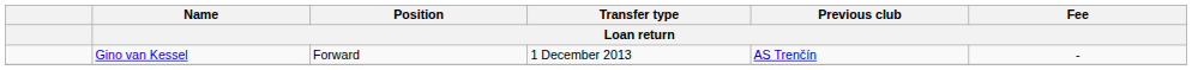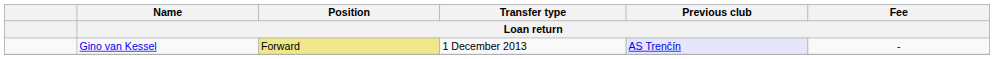 <table class="wikitable" style="width:100%; font-size:85%;">
 <tr>
 <th width="2%"></th>
 <th width="5%">Name</th>
 <th width="5%">Position</th>
 <th width="5%">Transfer type</th>
 <th width="5%">Previous club</th>
 <th width="5%">Fee</th>
 </tr>
 <tr>
 <th></th>
 <th colspan="5" align="center">Loan return</th>
 </tr>
 <tr>
 <td align=center></td>
 <td align=left> <a href='#'>Gino van Kessel</a></td>
-<td align=left>Forward</td>
+<td align=left style="background: khaki;">Forward</td>
 <td align=left>1 December 2013</td>
-<td align=left> <a href='#'>AS Trenčín</a></td>
+<td align=left style="background: lavender;"> <a href='#'>AS Trenčín</a></td>
 <td align=center>-</td>
 </tr>
 <tr>
 </tr>
 </table>
